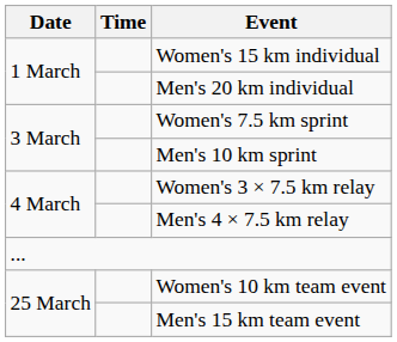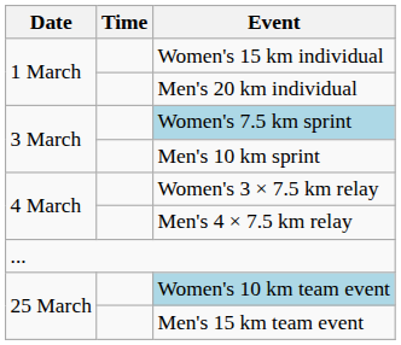 <table class="wikitable">
 <tr>
 <th>Date</th>
 <th>Time</th>
 <th>Event</th>
 </tr>
 <tr>
 <td rowspan=2>1 March</td>
 <td></td>
 <td>Women's 15 km individual</td>
 </tr>
 <tr>
 <td></td>
 <td>Men's 20 km individual</td>
 </tr>
 <tr>
 <td rowspan=2>3 March</td>
 <td></td>
-<td>Women's 7.5 km sprint</td>
+<td style="background: lightblue;">Women's 7.5 km sprint</td>
 </tr>
 <tr>
 <td></td>
 <td>Men's 10 km sprint</td>
 </tr>
 <tr>
 <td rowspan=2>4 March</td>
 <td></td>
 <td>Women's 3 × 7.5 km relay</td>
 </tr>
 <tr>
 <td></td>
 <td>Men's 4 × 7.5 km relay</td>
 </tr>
 <tr>
 <td colspan=3>...</td>
 </tr>
 <tr>
 <td rowspan=2>25 March</td>
 <td></td>
-<td>Women's 10 km team event</td>
+<td style="background: lightblue;">Women's 10 km team event</td>
 </tr>
 <tr>
 <td></td>
 <td>Men's 15 km team event</td>
 </tr>
 </table>
